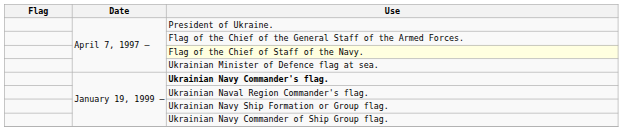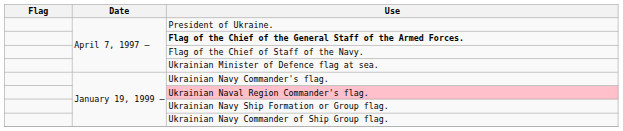 <table class="wikitable">
 <tr>
 <th style="width:100px;">Flag</th>
 <th>Date</th>
 <th style="width:700px;">Use</th>
 </tr>
 <tr>
 <td></td>
 <td rowspan="4">April 7, 1997 –</td>
 <td>President of Ukraine.</td>
 </tr>
 <tr>
 <td></td>
-<td>Flag of the Chief of the General Staff of the Armed Forces.</td>
+<td><strong>Flag of the Chief of the General Staff of the Armed Forces.</strong></td>
 </tr>
 <tr>
 <td></td>
-<td style="background: lightyellow;">Flag of the Chief of Staff of the Navy.</td>
+<td>Flag of the Chief of Staff of the Navy.</td>
 </tr>
 <tr>
 <td></td>
 <td>Ukrainian Minister of Defence flag at sea.</td>
 </tr>
 <tr>
 <td></td>
 <td rowspan="4">January 19, 1999 –</td>
-<td><strong>Ukrainian Navy Commander's flag.</strong></td>
+<td>Ukrainian Navy Commander's flag.</td>
 </tr>
 <tr>
 <td></td>
-<td>Ukrainian Naval Region Commander's flag.</td>
+<td style="background: pink;">Ukrainian Naval Region Commander's flag.</td>
 </tr>
 <tr>
 <td></td>
 <td>Ukrainian Navy Ship Formation or Group flag.</td>
 </tr>
 <tr>
 <td></td>
 <td>Ukrainian Navy Commander of Ship Group flag.</td>
 </tr>
 <tr>
 </tr>
 </table>
